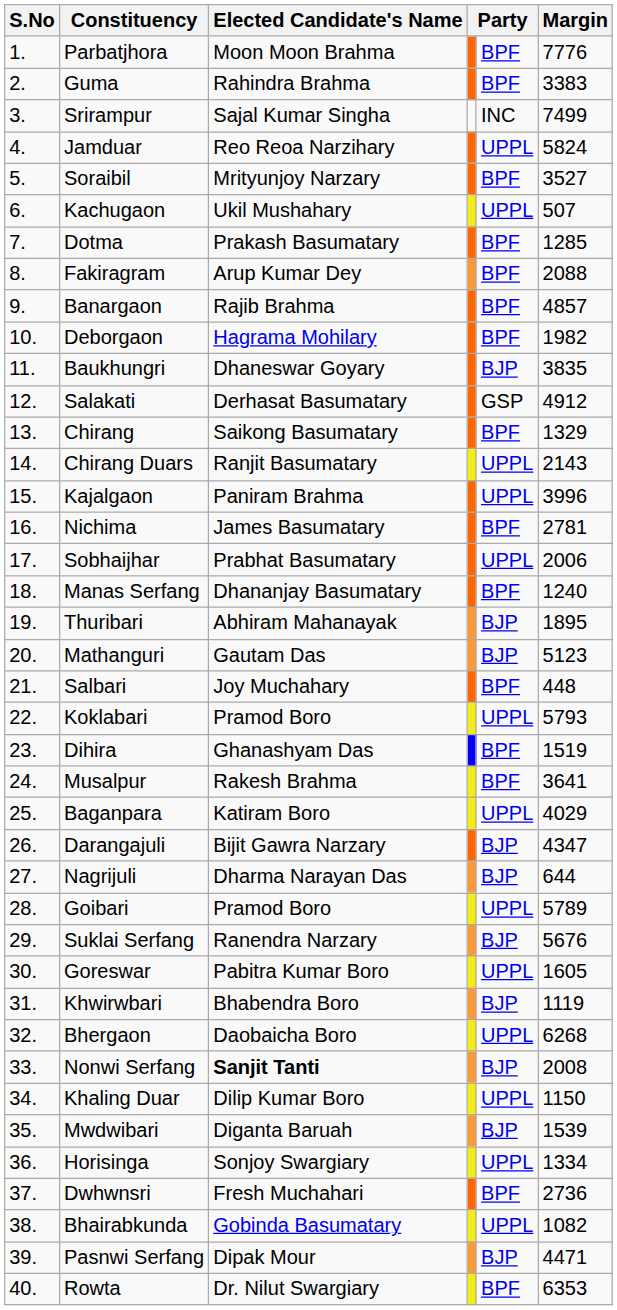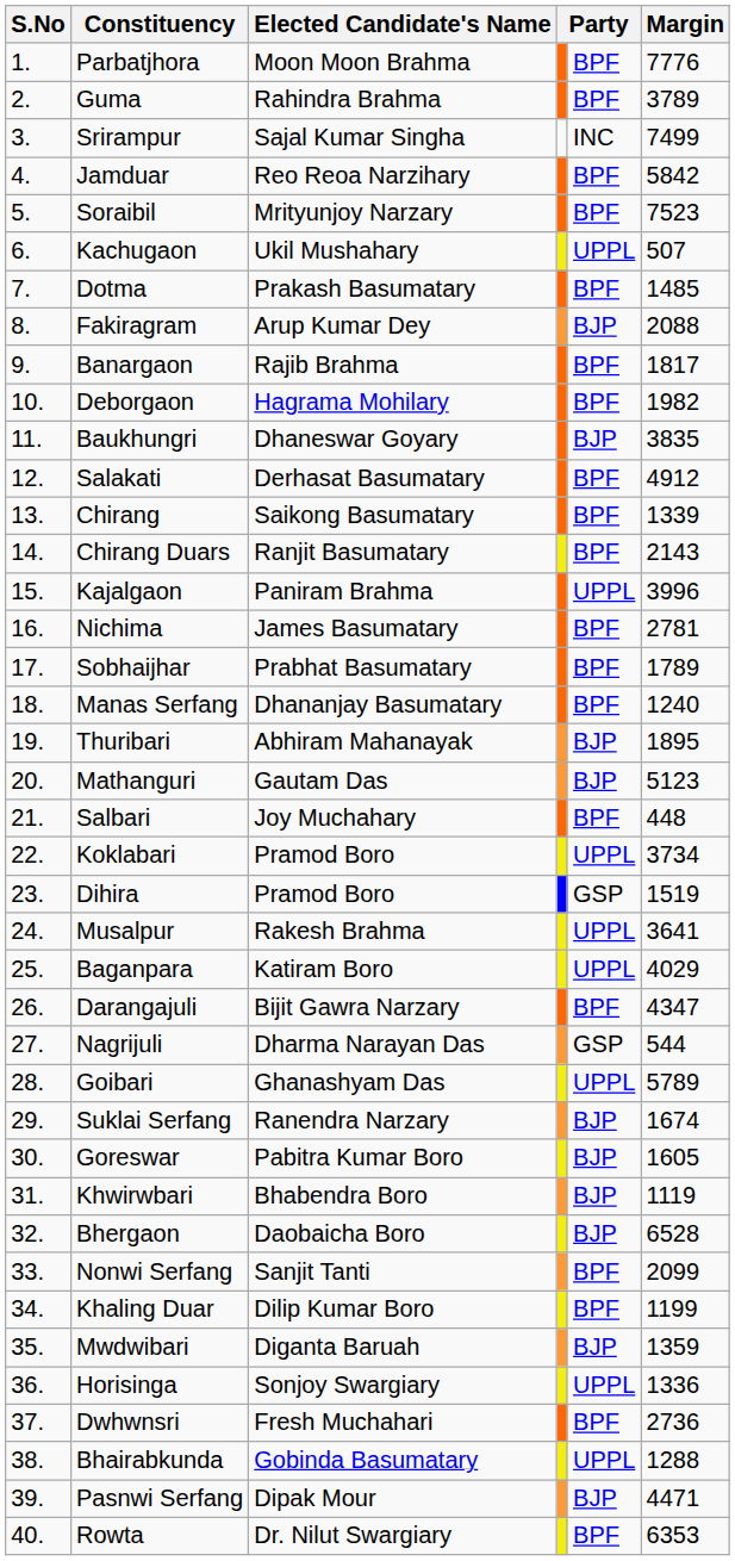 <table class="wikitable sortable">
 <tr>
 <th>S.No</th>
 <th>Constituency</th>
 <th>Elected Candidate's Name</th>
 <th colspan="2">Party</th>
 <th>Margin</th>
 </tr>
 <tr>
 <td>1.</td>
 <td>Parbatjhora</td>
 <td>Moon Moon Brahma</td>
 <td bgcolor=#FF6600></td>
 <td><a href='#'>BPF</a></td>
 <td>7776</td>
 </tr>
 <tr>
 <td>2.</td>
 <td>Guma</td>
 <td>Rahindra Brahma</td>
 <td bgcolor=#FF6600></td>
 <td><a href='#'>BPF</a></td>
-<td>3383</td>
+<td>3789</td>
 </tr>
 <tr>
 <td>3.</td>
 <td>Srirampur</td>
 <td>Sajal Kumar Singha</td>
 <td style="background-color:"></td>
 <td>INC</td>
 <td>7499</td>
 </tr>
 <tr>
 <td>4.</td>
 <td>Jamduar</td>
 <td>Reo Reoa Narzihary</td>
 <td bgcolor=#FF6600></td>
-<td><a href='#'>UPPL</a></td>
-<td>5824</td>
+<td><a href='#'>BPF</a></td>
+<td>5842</td>
 </tr>
 <tr>
 <td>5.</td>
 <td>Soraibil</td>
 <td>Mrityunjoy Narzary</td>
 <td bgcolor=#FF6600></td>
 <td><a href='#'>BPF</a></td>
-<td>3527</td>
+<td>7523</td>
 </tr>
 <tr>
 <td>6.</td>
 <td>Kachugaon</td>
 <td>Ukil Mushahary</td>
 <td bgcolor=#F3ED13></td>
 <td><a href='#'>UPPL</a></td>
 <td>507</td>
 </tr>
 <tr>
 <td>7.</td>
 <td>Dotma</td>
 <td>Prakash Basumatary</td>
 <td bgcolor=#FF6600></td>
 <td><a href='#'>BPF</a></td>
-<td>1285</td>
+<td>1485</td>
 </tr>
 <tr>
 <td>8.</td>
 <td>Fakiragram</td>
 <td>Arup Kumar Dey</td>
 <td bgcolor=#FF9933></td>
-<td><a href='#'>BPF</a></td>
+<td><a href='#'>BJP</a></td>
 <td>2088</td>
 </tr>
 <tr>
 <td>9.</td>
 <td>Banargaon</td>
 <td>Rajib Brahma</td>
 <td bgcolor=#FF6600></td>
 <td><a href='#'>BPF</a></td>
-<td>4857</td>
+<td>1817</td>
 </tr>
 <tr>
 <td>10.</td>
 <td>Deborgaon</td>
 <td><a href='#'>Hagrama Mohilary</a></td>
 <td bgcolor=#FF6600></td>
 <td><a href='#'>BPF</a></td>
 <td>1982</td>
 </tr>
 <tr>
 <td>11.</td>
 <td>Baukhungri</td>
 <td>Dhaneswar Goyary</td>
 <td bgcolor=#FF6600></td>
 <td><a href='#'>BJP</a></td>
 <td>3835</td>
 </tr>
 <tr>
 <td>12.</td>
 <td>Salakati</td>
 <td>Derhasat Basumatary</td>
 <td bgcolor=#FF6600></td>
-<td>GSP</td>
+<td><a href='#'>BPF</a></td>
 <td>4912</td>
 </tr>
 <tr>
 <td>13.</td>
 <td>Chirang</td>
 <td>Saikong Basumatary</td>
 <td bgcolor=#FF6600></td>
 <td><a href='#'>BPF</a></td>
-<td>1329</td>
+<td>1339</td>
 </tr>
 <tr>
 <td>14.</td>
 <td>Chirang Duars</td>
 <td>Ranjit Basumatary</td>
 <td bgcolor=#F3ED13></td>
-<td><a href='#'>UPPL</a></td>
+<td><a href='#'>BPF</a></td>
 <td>2143</td>
 </tr>
 <tr>
 <td>15.</td>
 <td>Kajalgaon</td>
 <td>Paniram Brahma</td>
 <td bgcolor=#FF6600></td>
 <td><a href='#'>UPPL</a></td>
 <td>3996</td>
 </tr>
 <tr>
 <td>16.</td>
 <td>Nichima</td>
 <td>James Basumatary</td>
 <td bgcolor=#FF6600></td>
 <td><a href='#'>BPF</a></td>
 <td>2781</td>
 </tr>
 <tr>
 <td>17.</td>
 <td>Sobhaijhar</td>
 <td>Prabhat Basumatary</td>
 <td bgcolor=#FF6600></td>
-<td><a href='#'>UPPL</a></td>
-<td>2006</td>
+<td><a href='#'>BPF</a></td>
+<td>1789</td>
 </tr>
 <tr>
 <td>18.</td>
 <td>Manas Serfang</td>
 <td>Dhananjay Basumatary</td>
 <td bgcolor=#FF6600></td>
 <td><a href='#'>BPF</a></td>
 <td>1240</td>
 </tr>
 <tr>
 <td>19.</td>
 <td>Thuribari</td>
 <td>Abhiram Mahanayak</td>
 <td bgcolor=#FF9933></td>
 <td><a href='#'>BJP</a></td>
 <td>1895</td>
 </tr>
 <tr>
 <td>20.</td>
 <td>Mathanguri</td>
 <td>Gautam Das</td>
 <td bgcolor=#FF9933></td>
 <td><a href='#'>BJP</a></td>
 <td>5123</td>
 </tr>
 <tr>
 <td>21.</td>
 <td>Salbari</td>
 <td>Joy Muchahary</td>
 <td bgcolor=#FF6600></td>
 <td><a href='#'>BPF</a></td>
 <td>448</td>
 </tr>
 <tr>
 <td>22.</td>
 <td>Koklabari</td>
 <td>Pramod Boro</td>
 <td bgcolor=F3ED13></td>
 <td><a href='#'>UPPL</a></td>
-<td>5793</td>
+<td>3734</td>
 </tr>
 <tr>
 <td>23.</td>
 <td>Dihira</td>
-<td>Ghanashyam Das</td>
+<td>Pramod Boro</td>
 <td bgcolor=#0000FF></td>
-<td><a href='#'>BPF</a></td>
+<td>GSP</td>
 <td>1519</td>
 </tr>
 <tr>
 <td>24.</td>
 <td>Musalpur</td>
 <td>Rakesh Brahma</td>
 <td bgcolor=F3ED13></td>
-<td><a href='#'>BPF</a></td>
+<td><a href='#'>UPPL</a></td>
 <td>3641</td>
 </tr>
 <tr>
 <td>25.</td>
 <td>Baganpara</td>
 <td>Katiram Boro</td>
 <td bgcolor=#F3ED13></td>
 <td><a href='#'>UPPL</a></td>
 <td>4029</td>
 </tr>
 <tr>
 <td>26.</td>
 <td>Darangajuli</td>
 <td>Bijit Gawra Narzary</td>
 <td bgcolor=#FF6600></td>
-<td><a href='#'>BJP</a></td>
+<td><a href='#'>BPF</a></td>
 <td>4347</td>
 </tr>
 <tr>
 <td>27.</td>
 <td>Nagrijuli</td>
 <td>Dharma Narayan Das</td>
 <td bgcolor=#FF9933></td>
-<td><a href='#'>BJP</a></td>
-<td>644</td>
+<td>GSP</td>
+<td>544</td>
 </tr>
 <tr>
 <td>28.</td>
 <td>Goibari</td>
-<td>Pramod Boro</td>
+<td>Ghanashyam Das</td>
 <td bgcolor=F3ED13></td>
 <td><a href='#'>UPPL</a></td>
 <td>5789</td>
 </tr>
 <tr>
 <td>29.</td>
 <td>Suklai Serfang</td>
 <td>Ranendra Narzary</td>
 <td bgcolor=#FF9933></td>
 <td><a href='#'>BJP</a></td>
-<td>5676</td>
+<td>1674</td>
 </tr>
 <tr>
 <td>30.</td>
 <td>Goreswar</td>
 <td>Pabitra Kumar Boro</td>
 <td bgcolor=#F3ED13></td>
-<td><a href='#'>UPPL</a></td>
+<td><a href='#'>BJP</a></td>
 <td>1605</td>
 </tr>
 <tr>
 <td>31.</td>
 <td>Khwirwbari</td>
 <td>Bhabendra Boro</td>
 <td bgcolor=FF9933></td>
 <td><a href='#'>BJP</a></td>
 <td>1119</td>
 </tr>
 <tr>
 <td>32.</td>
 <td>Bhergaon</td>
 <td>Daobaicha Boro</td>
 <td bgcolor=#F3ED13></td>
-<td><a href='#'>UPPL</a></td>
-<td>6268</td>
+<td><a href='#'>BJP</a></td>
+<td>6528</td>
 </tr>
 <tr>
 <td>33.</td>
 <td>Nonwi Serfang</td>
-<td><strong>Sanjit Tanti</strong></td>
+<td>Sanjit Tanti</td>
 <td bgcolor=#FF9933></td>
-<td><a href='#'>BJP</a></td>
-<td>2008</td>
+<td><a href='#'>BPF</a></td>
+<td>2099</td>
 </tr>
 <tr>
 <td>34.</td>
 <td>Khaling Duar</td>
 <td>Dilip Kumar Boro</td>
 <td bgcolor=F3ED13></td>
-<td><a href='#'>UPPL</a></td>
-<td>1150</td>
+<td><a href='#'>BPF</a></td>
+<td>1199</td>
 </tr>
 <tr>
 <td>35.</td>
 <td>Mwdwibari</td>
 <td>Diganta Baruah</td>
 <td bgcolor=#FF9933></td>
 <td><a href='#'>BJP</a></td>
-<td>1539</td>
+<td>1359</td>
 </tr>
 <tr>
 <td>36.</td>
 <td>Horisinga</td>
 <td>Sonjoy Swargiary</td>
 <td bgcolor=#F3ED13></td>
 <td><a href='#'>UPPL</a></td>
-<td>1334</td>
+<td>1336</td>
 </tr>
 <tr>
 <td>37.</td>
 <td>Dwhwnsri</td>
 <td>Fresh Muchahari</td>
 <td bgcolor=#FF6600></td>
 <td><a href='#'>BPF</a></td>
 <td>2736</td>
 </tr>
 <tr>
 <td>38.</td>
 <td>Bhairabkunda</td>
 <td><a href='#'>Gobinda Basumatary</a></td>
 <td bgcolor=#F3ED13></td>
 <td><a href='#'>UPPL</a></td>
-<td>1082</td>
+<td>1288</td>
 </tr>
 <tr>
 <td>39.</td>
 <td>Pasnwi Serfang</td>
 <td>Dipak Mour</td>
 <td bgcolor=#FF9933></td>
 <td><a href='#'>BJP</a></td>
 <td>4471</td>
 </tr>
 <tr>
 <td>40.</td>
 <td>Rowta</td>
 <td>Dr. Nilut Swargiary</td>
 <td bgcolor=#F3ED13></td>
 <td><a href='#'>BPF</a></td>
 <td>6353</td>
 </tr>
 </table>
